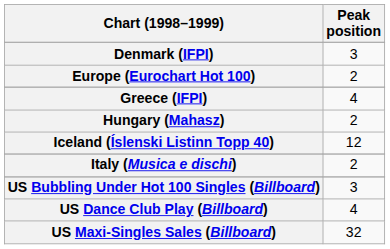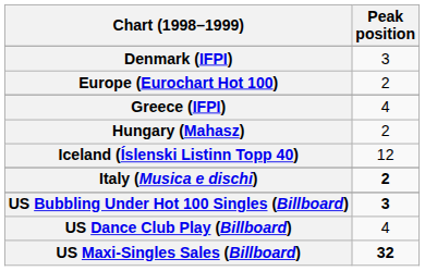 <table class="wikitable sortable plainrowheaders" style="text-align:center">
 <tr>
 <th>Chart (1998–1999)</th>
 <th>Peak<br>position</th>
 </tr>
 <tr>
 </tr>
 <tr>
 </tr>
 <tr>
 </tr>
 <tr>
 </tr>
 <tr>
 </tr>
 <tr>
 <th scope="row">Denmark (<a href='#'>IFPI</a>)</th>
 <td>3</td>
 </tr>
 <tr>
 <th scope="row">Europe (<a href='#'>Eurochart Hot 100</a>)</th>
 <td>2</td>
 </tr>
 <tr>
 </tr>
 <tr>
 </tr>
 <tr>
 </tr>
 <tr>
 <th scope="row">Greece (<a href='#'>IFPI</a>)</th>
 <td>4</td>
 </tr>
 <tr>
 <th scope="row">Hungary (<a href='#'>Mahasz</a>)</th>
 <td>2</td>
 </tr>
 <tr>
 <th scope="row">Iceland (<a href='#'>Íslenski Listinn Topp 40</a>)</th>
 <td>12</td>
 </tr>
 <tr>
 </tr>
 <tr>
 <th scope="row">Italy (<em><a href='#'>Musica e dischi</a></em>)</th>
-<td>2</td>
+<td><strong>2</strong></td>
 </tr>
 <tr>
 </tr>
 <tr>
 </tr>
 <tr>
 </tr>
 <tr>
 </tr>
 <tr>
 </tr>
 <tr>
 </tr>
 <tr>
 </tr>
 <tr>
 </tr>
 <tr>
 </tr>
 <tr>
 </tr>
 <tr>
 <th scope="row">US <a href='#'>Bubbling Under Hot 100 Singles</a> (<em><a href='#'>Billboard</a></em>)</th>
-<td>3</td>
+<td><strong>3</strong></td>
 </tr>
 <tr>
 <th scope="row">US <a href='#'>Dance Club Play</a> (<em><a href='#'>Billboard</a></em>)</th>
 <td>4</td>
 </tr>
 <tr>
 <th scope="row">US <a href='#'>Maxi-Singles Sales</a> (<em><a href='#'>Billboard</a></em>)</th>
-<td>32</td>
+<td><strong>32</strong></td>
 </tr>
 </table>
